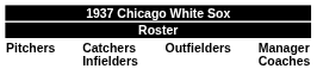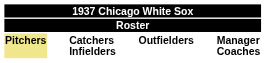 <table class="toccolours" style="font-size: 95%;">
 <tr>
 <th colspan="10" style="background-color: black; color: white; text-align: center;">1937 Chicago White Sox</th>
 </tr>
 <tr>
 <td colspan="10" style="background-color: black; color: white; text-align: center;"><strong>Roster</strong></td>
 </tr>
 <tr>
-<td valign="top"><strong>Pitchers</strong><br>           </td>
+<td valign="top" style="background: khaki;"><strong>Pitchers</strong><br>           </td>
 <td width="25px"></td>
 <td valign="top"><strong>Catchers</strong><br>   <strong>Infielders</strong>        </td>
 <td width="25px"></td>
 <td valign="top"><strong>Outfielders</strong><br>    </td>
 <td width="25px"></td>
 <td valign="top"><strong>Manager</strong><br> <strong>Coaches</strong>   </td>
 </tr>
 </table>
